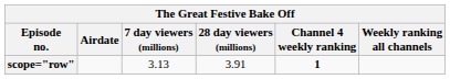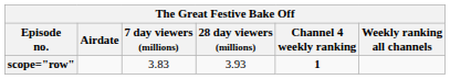 <table class="wikitable" style="text-align:center;">
 <tr>
 <th colspan="6">The Great Festive Bake Off</th>
 </tr>
 <tr>
 <th scope="col">Episode<br>no.</th>
 <th scope="col">Airdate</th>
 <th scope="col">7 day viewers<br><small>(millions)</small></th>
 <th scope="col">28 day viewers<br><small>(millions)</small></th>
 <th scope="col">Channel 4<br>weekly ranking</th>
 <th scope="col">Weekly ranking<br>all channels</th>
 </tr>
 <tr>
 <th>scope="row" </th>
 <td></td>
-<td>3.13</td>
-<td>3.91</td>
+<td>3.83</td>
+<td>3.93</td>
 <td><strong>1</strong></td>
 <td></td>
 </tr>
 </table>
